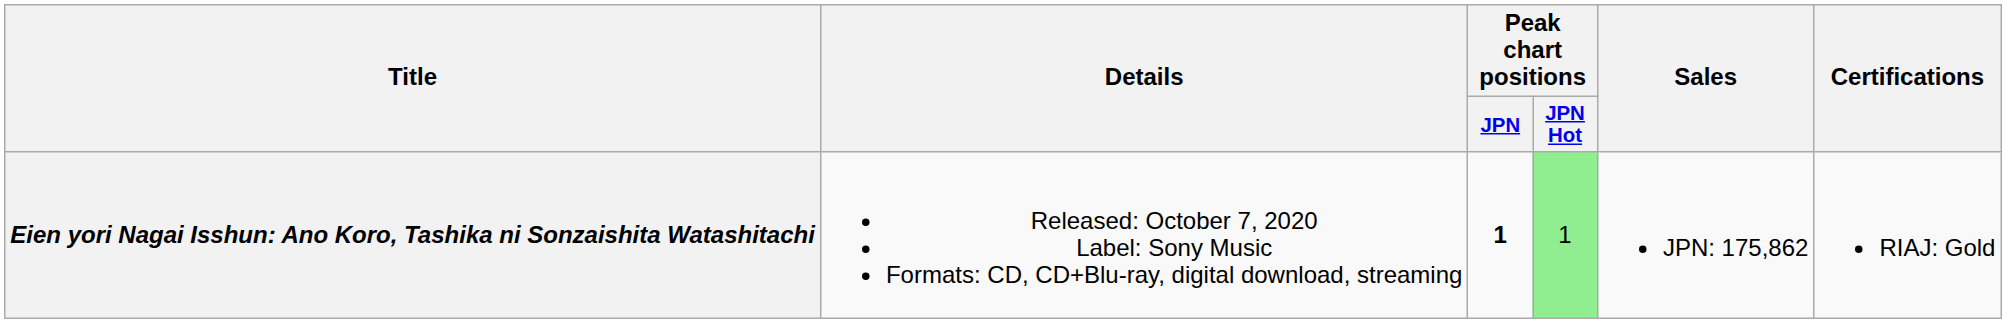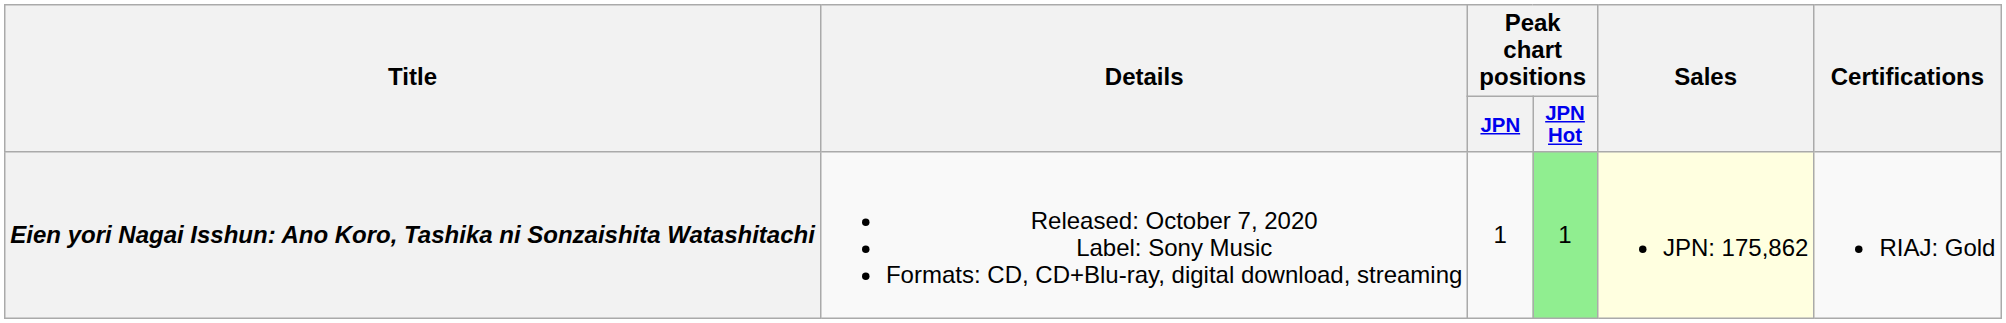 <table class="wikitable plainrowheaders" style="text-align:center;">
 <tr>
 <th scope="col" rowspan="2">Title</th>
 <th scope="col" rowspan="2">Details</th>
 <th scope="col" colspan="2">Peak chart<br>positions</th>
 <th scope="col" rowspan="2">Sales</th>
 <th scope="col" rowspan="2">Certifications</th>
 </tr>
 <tr>
 <th style="width:2.7em;font-size:85%;"><a href='#'>JPN</a><br></th>
 <th style="width:2.7em;font-size:85%;"><a href='#'>JPN<br>Hot</a><br></th>
 </tr>
 <tr>
 <th scope="row"><em>Eien yori Nagai Isshun: Ano Koro, Tashika ni Sonzaishita Watashitachi</em></th>
 <td><br><ul><li>Released: October 7, 2020</li><li>Label: Sony Music</li><li>Formats: CD, CD+Blu-ray, digital download, streaming</li></ul></td>
-<td><strong>1</strong></td>
+<td>1</td>
 <td style="background: lightgreen;">1</td>
-<td><br><ul><li>JPN: 175,862</li></ul></td>
+<td style="background: lightyellow;"><br><ul><li>JPN: 175,862</li></ul></td>
 <td><br><ul><li>RIAJ: Gold </li></ul></td>
 </tr>
 </table>
